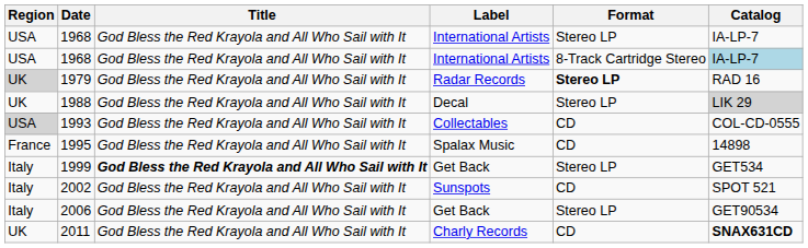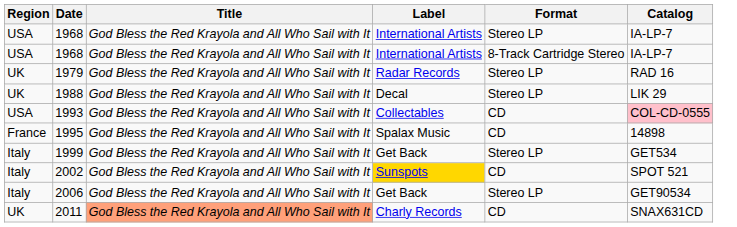 <table class="wikitable">
 <tr>
 <th>Region</th>
 <th>Date</th>
 <th>Title</th>
 <th>Label</th>
 <th>Format</th>
 <th>Catalog</th>
 </tr>
 <tr>
 <td>USA</td>
 <td>1968</td>
 <td><em>God Bless the Red Krayola and All Who Sail with It</em></td>
 <td><a href='#'>International Artists</a></td>
 <td>Stereo LP</td>
 <td>IA-LP-7</td>
 </tr>
 <tr>
 <td>USA</td>
 <td>1968</td>
 <td><em>God Bless the Red Krayola and All Who Sail with It</em></td>
 <td><a href='#'>International Artists</a></td>
 <td>8-Track Cartridge Stereo</td>
-<td style="background: lightblue;">IA-LP-7</td>
+<td>IA-LP-7</td>
 </tr>
 <tr>
-<td style="background: lightgrey;">UK</td>
+<td>UK</td>
 <td>1979</td>
 <td><em>God Bless the Red Krayola and All Who Sail with It</em></td>
 <td><a href='#'>Radar Records</a></td>
-<td><strong>Stereo LP</strong></td>
+<td>Stereo LP</td>
 <td>RAD 16</td>
 </tr>
 <tr>
 <td>UK</td>
 <td>1988</td>
 <td><em>God Bless the Red Krayola and All Who Sail with It</em></td>
 <td>Decal</td>
 <td>Stereo LP</td>
-<td style="background: lightgrey;">LIK 29</td>
+<td>LIK 29</td>
 </tr>
 <tr>
-<td style="background: lightgrey;">USA</td>
+<td>USA</td>
 <td>1993</td>
 <td><em>God Bless the Red Krayola and All Who Sail with It</em></td>
 <td><a href='#'>Collectables</a></td>
 <td>CD</td>
-<td>COL-CD-0555</td>
+<td style="background: pink;">COL-CD-0555</td>
 </tr>
 <tr>
 <td>France</td>
 <td>1995</td>
 <td><em>God Bless the Red Krayola and All Who Sail with It</em></td>
 <td>Spalax Music</td>
 <td>CD</td>
 <td>14898</td>
 </tr>
 <tr>
 <td>Italy</td>
 <td>1999</td>
-<td><strong><em>God Bless the Red Krayola and All Who Sail with It</em></strong></td>
+<td><em>God Bless the Red Krayola and All Who Sail with It</em></td>
 <td>Get Back</td>
 <td>Stereo LP</td>
 <td>GET534</td>
 </tr>
 <tr>
 <td>Italy</td>
 <td>2002</td>
 <td><em>God Bless the Red Krayola and All Who Sail with It</em></td>
-<td><a href='#'>Sunspots</a></td>
+<td style="background: gold;"><a href='#'>Sunspots</a></td>
 <td>CD</td>
 <td>SPOT 521</td>
 </tr>
 <tr>
 <td>Italy</td>
 <td>2006</td>
 <td><em>God Bless the Red Krayola and All Who Sail with It</em></td>
 <td>Get Back</td>
 <td>Stereo LP</td>
 <td>GET90534</td>
 </tr>
 <tr>
 <td>UK</td>
 <td>2011</td>
-<td><em>God Bless the Red Krayola and All Who Sail with It</em></td>
+<td style="background: lightsalmon;"><em>God Bless the Red Krayola and All Who Sail with It</em></td>
 <td><a href='#'>Charly Records</a></td>
 <td>CD</td>
-<td><strong>SNAX631CD</strong></td>
+<td>SNAX631CD</td>
 </tr>
 </table>
